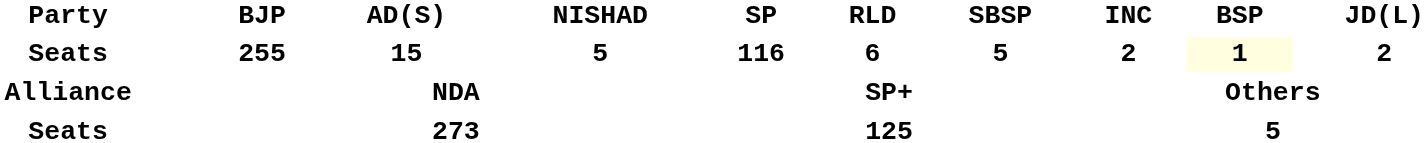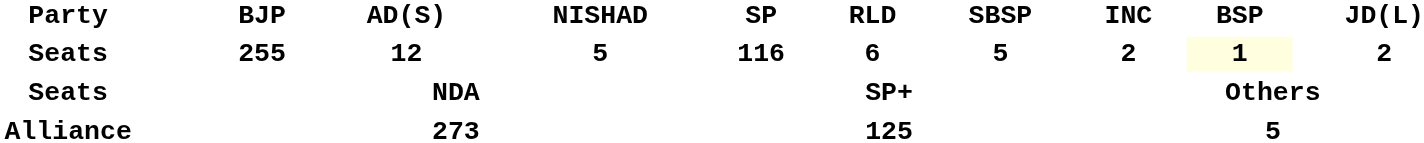 <table style="width:60%; text-align:center;">
 <tr>
 <th><strong>Party</strong></th>
 <td><strong>BJP</strong></td>
 <td><strong>AD(S)</strong></td>
 <td><strong>NISHAD</strong></td>
 <td><strong>SP</strong></td>
 <td><strong>RLD</strong></td>
 <td><strong>SBSP</strong></td>
 <td><strong>INC</strong></td>
 <td><strong>BSP</strong></td>
 <td><strong>JD(L)</strong></td>
 </tr>
 <tr>
 <th><strong>Seats</strong></th>
 <td><strong>255</strong></td>
-<td><strong>15</strong></td>
+<td><strong>12</strong></td>
 <td><strong>5</strong></td>
 <td><strong>116</strong></td>
 <td><strong>6</strong></td>
 <td><strong>5</strong></td>
 <td><strong>2</strong></td>
 <td style="background: lightyellow;"><strong>1</strong></td>
 <td><strong>2</strong></td>
 </tr>
 <tr>
-<th><strong>Alliance</strong></th>
+<th><strong>Seats</strong></th>
 <td colspan="3"><strong>NDA</strong></td>
 <td colspan="3"><strong>SP+</strong></td>
 <td colspan="3"><strong>Others</strong></td>
 </tr>
 <tr>
-<th><strong>Seats</strong></th>
+<th><strong>Alliance</strong></th>
 <td colspan="3"><strong>273</strong></td>
 <td colspan="3"><strong>125</strong></td>
 <td colspan="3"><strong>5</strong></td>
 </tr>
 </table>
